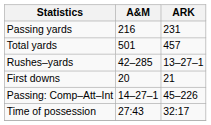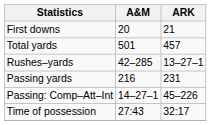 <table class="wikitable" style="float: left;">
 <tr>
 <th>Statistics</th>
 <th>A&M</th>
 <th>ARK</th>
 </tr>
 <tr>
-<td>Passing yards</td>
-<td>216</td>
-<td>231</td>
+<td>First downs</td>
+<td>20</td>
+<td>21</td>
 </tr>
 <tr>
 <td>Total yards</td>
 <td>501</td>
 <td>457</td>
 </tr>
 <tr>
 <td>Rushes–yards</td>
 <td>42–285</td>
 <td>13–27–1</td>
 </tr>
 <tr>
-<td>First downs</td>
-<td>20</td>
-<td>21</td>
+<td>Passing yards</td>
+<td>216</td>
+<td>231</td>
 </tr>
 <tr>
 <td>Passing: Comp–Att–Int</td>
 <td>14–27–1</td>
 <td>45–226</td>
 </tr>
 <tr>
 <td>Time of possession</td>
 <td>27:43</td>
 <td>32:17</td>
 </tr>
 <tr>
 </tr>
 </table>
